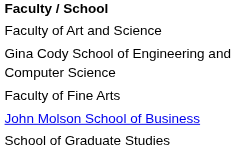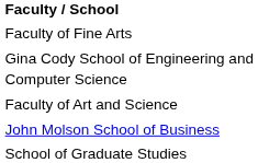 <table class="toccolours" style="float:right; margin-left:1em; font-size:90%; line-height:1.4em; width:280px;">
 <tr>
 <td><strong>Faculty / School</strong></td>
 </tr>
 <tr>
-<td>Faculty of Art and Science</td>
+<td>Faculty of Fine Arts</td>
 </tr>
 <tr>
 <td>Gina Cody School of Engineering and Computer Science</td>
 </tr>
 <tr>
-<td>Faculty of Fine Arts</td>
+<td>Faculty of Art and Science</td>
 </tr>
 <tr>
 <td><a href='#'>John Molson School of Business</a></td>
 </tr>
 <tr>
 <td>School of Graduate Studies</td>
 </tr>
 </table>
